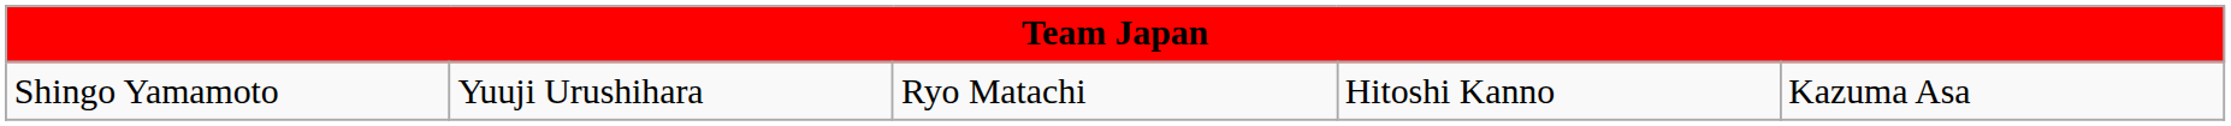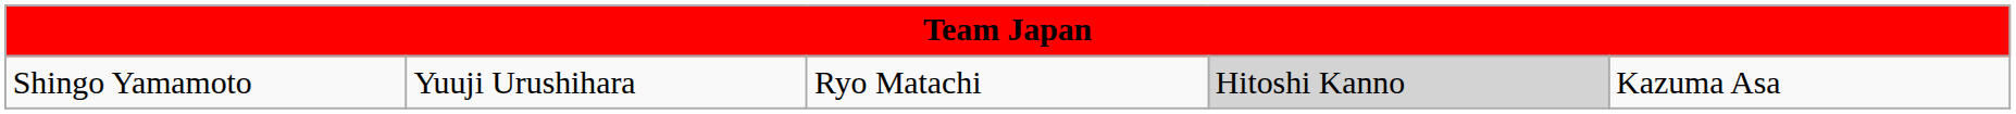 <table class="wikitable" style="width:50%; text-align=center;">
 <tr>
 <th colspan="5" style="background:red;">Team Japan</th>
 </tr>
 <tr>
 <td style="width:10%;">Shingo Yamamoto</td>
 <td style="width:10%;">Yuuji Urushihara</td>
 <td style="width:10%;">Ryo Matachi</td>
-<td style="width:10%;">Hitoshi Kanno</td>
+<td style="background: lightgrey; width:10%;">Hitoshi Kanno</td>
 <td style="width:10%;">Kazuma Asa</td>
 </tr>
 </table>
